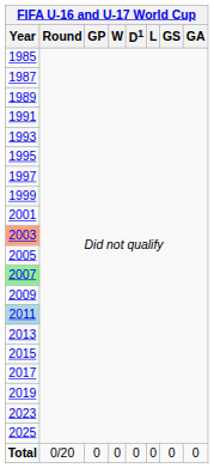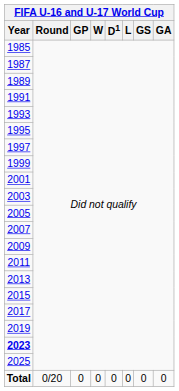 <table class="wikitable" style="text-align: center;">
 <tr>
 <th colspan=8><a href='#'>FIFA U-16 and U-17 World Cup</a></th>
 </tr>
 <tr>
 <th>Year</th>
 <th>Round</th>
 <th>GP</th>
 <th>W</th>
 <th>D<sup>1</sup></th>
 <th>L</th>
 <th>GS</th>
 <th>GA</th>
 </tr>
 <tr>
 <td> <a href='#'>1985</a></td>
 <td colspan=7 rowspan=20><em>Did not qualify</em></td>
 </tr>
 <tr>
 <td> <a href='#'>1987</a></td>
 </tr>
 <tr>
 <td> <a href='#'>1989</a></td>
 </tr>
 <tr>
 <td> <a href='#'>1991</a></td>
 </tr>
 <tr>
 <td> <a href='#'>1993</a></td>
 </tr>
 <tr>
 <td> <a href='#'>1995</a></td>
 </tr>
 <tr>
 <td> <a href='#'>1997</a></td>
 </tr>
 <tr>
 <td> <a href='#'>1999</a></td>
 </tr>
 <tr>
 <td> <a href='#'>2001</a></td>
 </tr>
 <tr>
-<td style="background: lightsalmon;"> <a href='#'>2003</a></td>
+<td> <a href='#'>2003</a></td>
 </tr>
 <tr>
 <td> <a href='#'>2005</a></td>
 </tr>
 <tr>
-<td style="background: lightgreen;"> <a href='#'>2007</a></td>
+<td> <a href='#'>2007</a></td>
 </tr>
 <tr>
 <td> <a href='#'>2009</a></td>
 </tr>
 <tr>
-<td style="background: lightblue;"> <a href='#'>2011</a></td>
+<td> <a href='#'>2011</a></td>
 </tr>
 <tr>
 <td> <a href='#'>2013</a></td>
 </tr>
 <tr>
 <td> <a href='#'>2015</a></td>
 </tr>
 <tr>
 <td> <a href='#'>2017</a></td>
 </tr>
 <tr>
 <td> <a href='#'>2019</a></td>
 </tr>
 <tr>
-<td> <a href='#'>2023</a></td>
+<td><strong> <a href='#'>2023</a></strong></td>
 </tr>
 <tr>
 <td> <a href='#'>2025</a></td>
 </tr>
 <tr>
 <td><strong>Total</strong></td>
 <td>0/20</td>
 <td>0</td>
 <td>0</td>
 <td>0</td>
 <td>0</td>
 <td>0</td>
 <td>0</td>
 </tr>
 </table>
